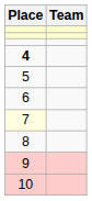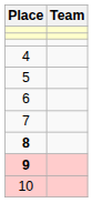 <table class="wikitable">
 <tr>
 <th>Place</th>
 <th>Team</th>
 </tr>
 <tr bgcolor=#ffffcc>
 <td align=center></td>
 <td></td>
 </tr>
 <tr bgcolor=#ffffcc>
 <td align=center></td>
 <td></td>
 </tr>
 <tr>
 <td align=center></td>
 <td></td>
 </tr>
 <tr>
-<td align=center><strong>4</strong></td>
+<td align=center>4</td>
 <td></td>
 </tr>
 <tr>
 <td align=center>5</td>
 <td></td>
 </tr>
 <tr>
 <td align=center>6</td>
 <td></td>
 </tr>
 <tr>
-<td align=center style="background: lightyellow;">7</td>
+<td align=center>7</td>
 <td></td>
 </tr>
 <tr>
-<td align=center>8</td>
+<td align=center><strong>8</strong></td>
 <td></td>
 </tr>
 <tr bgcolor=#ffcccc>
-<td align=center>9</td>
+<td align=center><strong>9</strong></td>
 <td></td>
 </tr>
 <tr bgcolor=#ffcccc>
 <td align=center>10</td>
 <td></td>
 </tr>
 </table>
